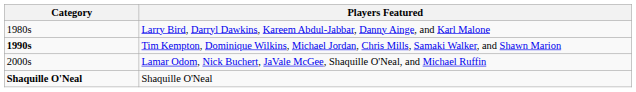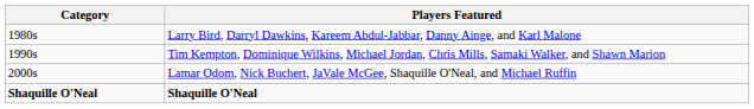 <table class="wikitable" style="text-align:left">
 <tr>
 <th style="width:200px;">Category</th>
 <th style="width:750px;">Players Featured</th>
 </tr>
 <tr>
 <td>1980s</td>
 <td><a href='#'>Larry Bird</a>, <a href='#'>Darryl Dawkins</a>, <a href='#'>Kareem Abdul-Jabbar</a>, <a href='#'>Danny Ainge</a>, and <a href='#'>Karl Malone</a></td>
 </tr>
 <tr>
-<td><strong>1990s</strong></td>
+<td>1990s</td>
 <td><a href='#'>Tim Kempton</a>, <a href='#'>Dominique Wilkins</a>, <a href='#'>Michael Jordan</a>, <a href='#'>Chris Mills</a>, <a href='#'>Samaki Walker</a>, and <a href='#'>Shawn Marion</a></td>
 </tr>
 <tr>
 <td>2000s</td>
 <td><a href='#'>Lamar Odom</a>, <a href='#'>Nick Buchert</a>, <a href='#'>JaVale McGee</a>, Shaquille O'Neal, and <a href='#'>Michael Ruffin</a></td>
 </tr>
 <tr>
 <td><strong>Shaquille O'Neal</strong></td>
-<td>Shaquille O'Neal</td>
+<td><strong>Shaquille O'Neal</strong></td>
 </tr>
 </table>
